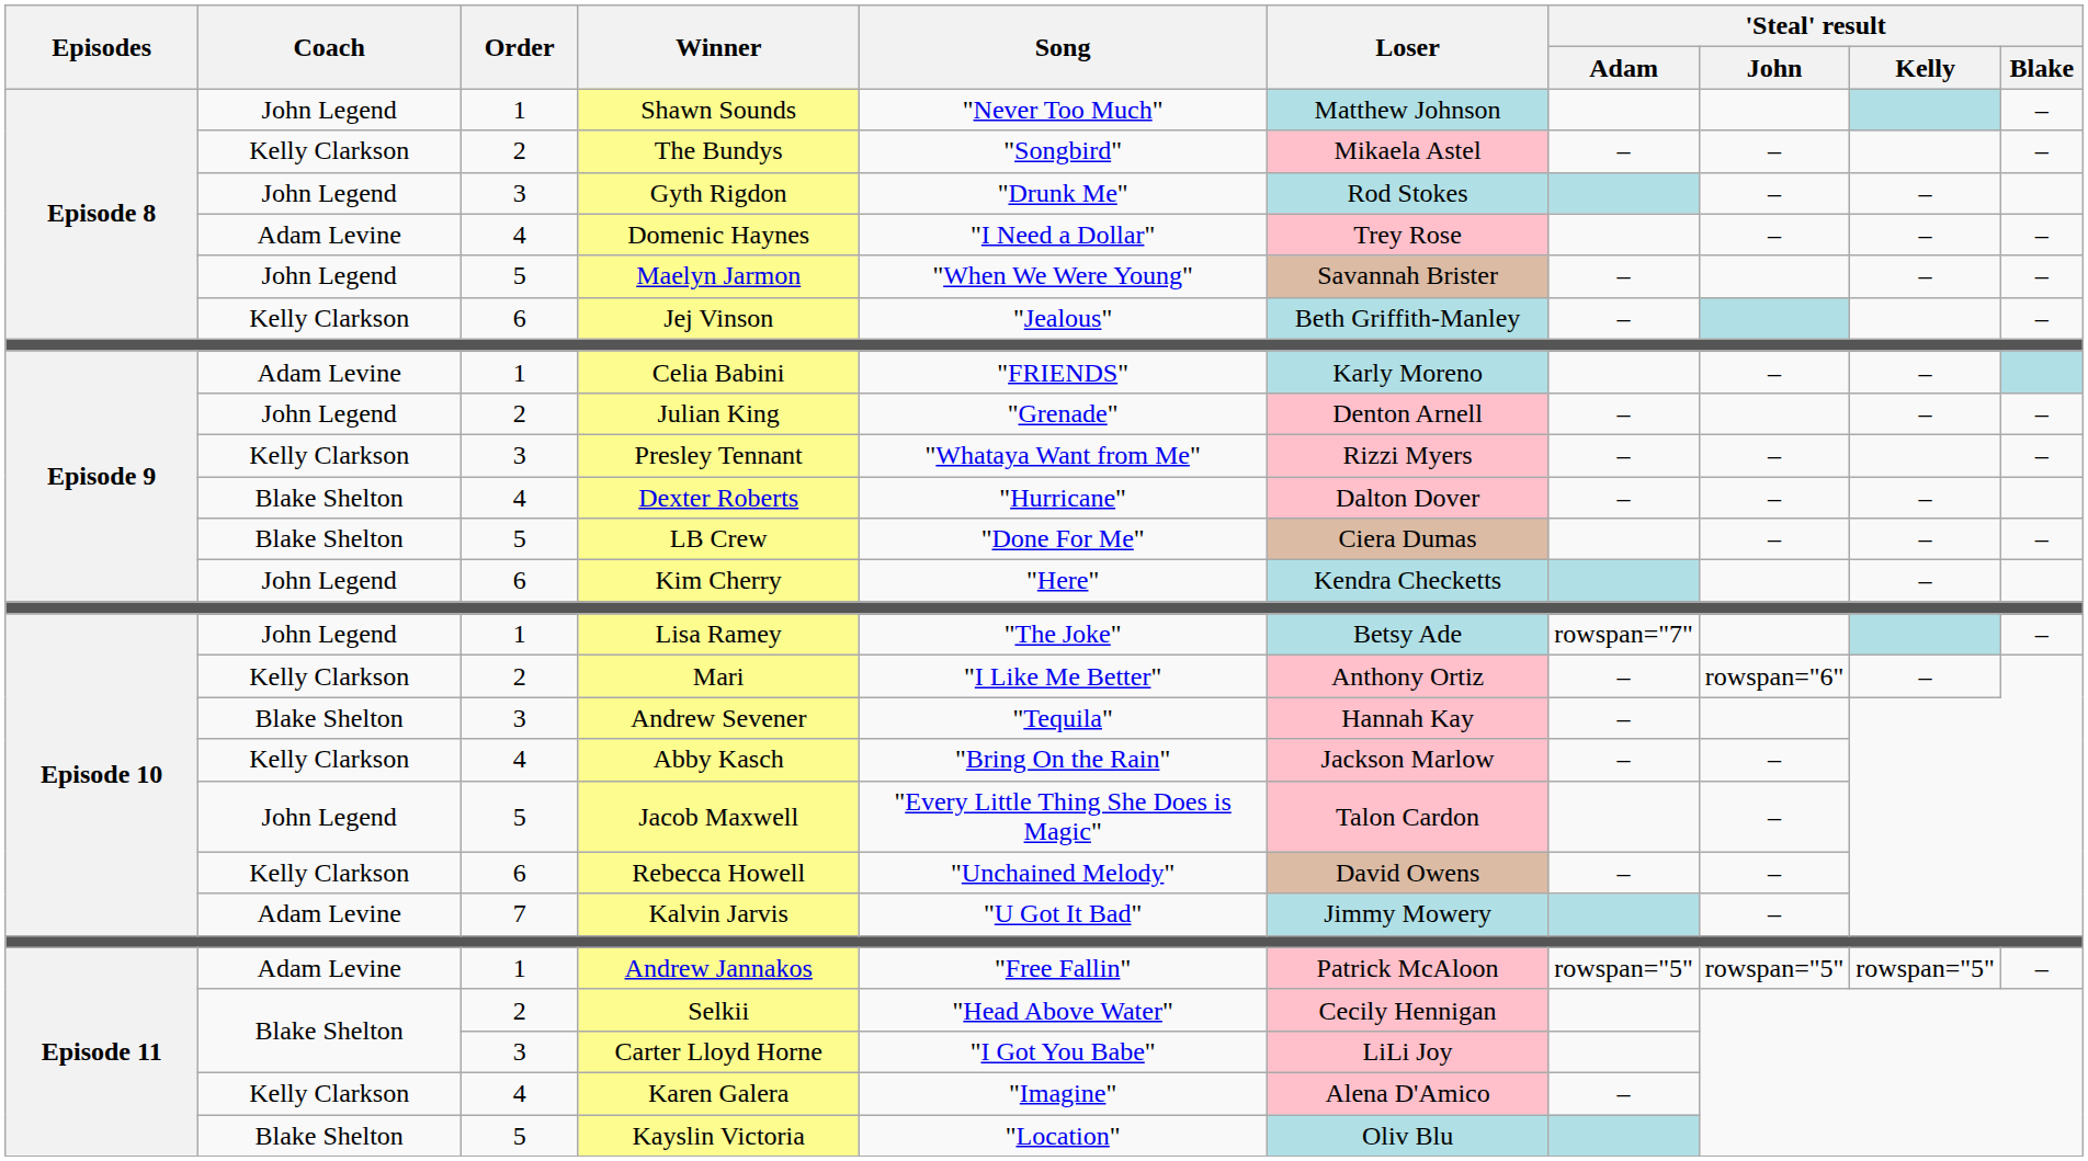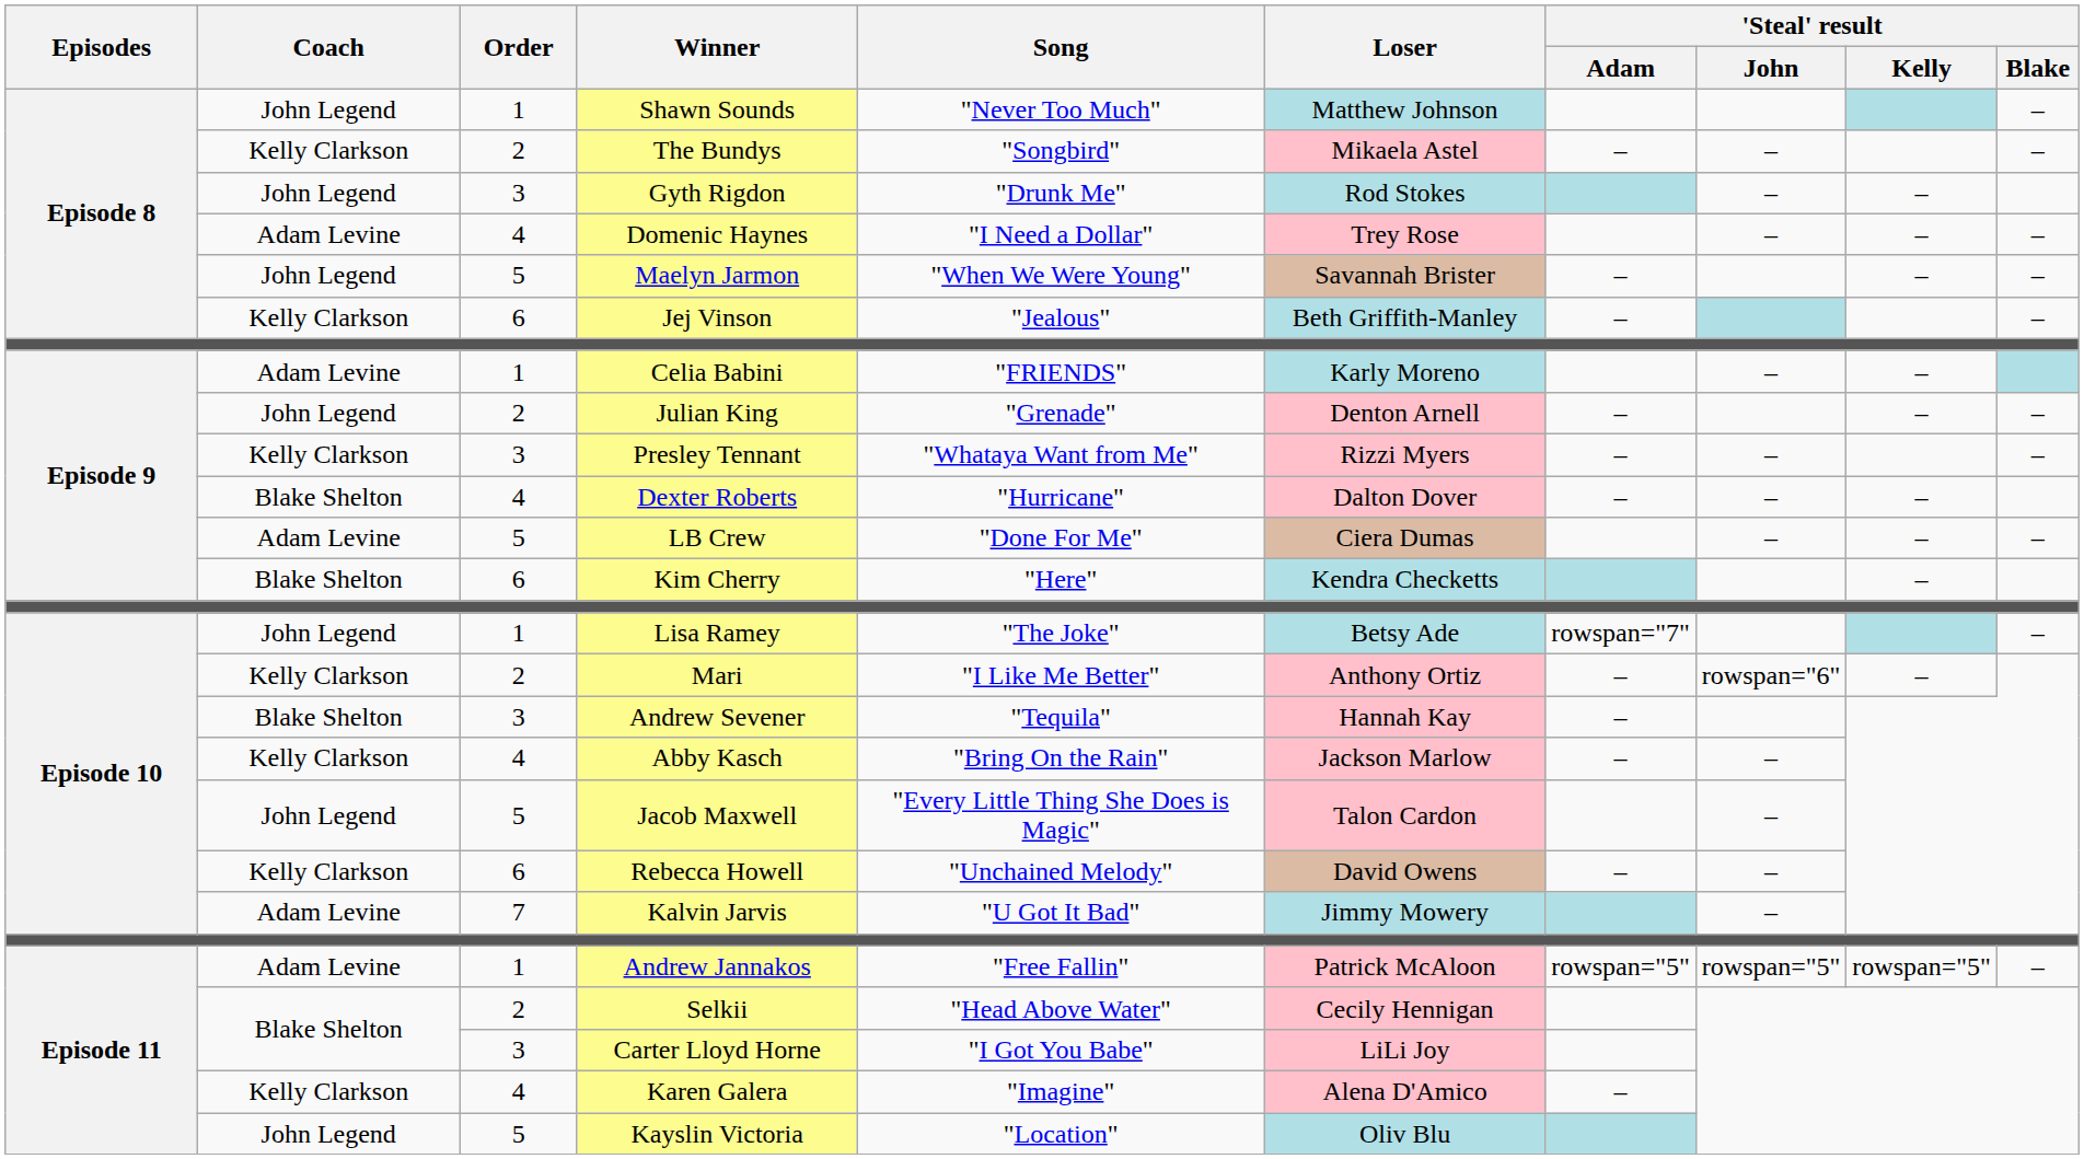 <table class="wikitable" style="text-align: center; width:100%;">
 <tr>
 <th rowspan="2" style="width:10%;">Episodes</th>
 <th rowspan="2" style="width:14%;">Coach</th>
 <th rowspan="2" style="width:06%;">Order</th>
 <th rowspan="2" style="width:15%;">Winner</th>
 <th rowspan="2" style="width:22%;">Song</th>
 <th rowspan="2" style="width:15%;">Loser</th>
 <th colspan="4" style="width:16%;">'Steal' result</th>
 </tr>
 <tr>
 <th style="width:04%;">Adam</th>
 <th style="width:04%;">John</th>
 <th style="width:04%;">Kelly</th>
 <th style="width:04%;">Blake</th>
 </tr>
 <tr>
 <th rowspan="6">Episode 8<br><small></small></th>
 <td>John Legend</td>
 <td>1</td>
 <td style="background:#FDFC8F;">Shawn Sounds</td>
 <td>"<a href='#'>Never Too Much</a>"</td>
 <td style="background:#b0e0e6;">Matthew Johnson</td>
 <td><em></em></td>
 <td></td>
 <td bgcolor=#b0e0e6><em></em></td>
 <td>–</td>
 </tr>
 <tr>
 <td>Kelly Clarkson</td>
 <td>2</td>
 <td style="background:#FDFC8F;">The Bundys</td>
 <td>"<a href='#'>Songbird</a>"</td>
 <td style="background:pink;">Mikaela Astel</td>
 <td>–</td>
 <td>–</td>
 <td></td>
 <td>–</td>
 </tr>
 <tr>
 <td>John Legend</td>
 <td>3</td>
 <td style="background:#FDFC8F;">Gyth Rigdon</td>
 <td>"<a href='#'>Drunk Me</a>"</td>
 <td style="background:#b0e0e6;">Rod Stokes</td>
 <td bgcolor=#b0e0e6><em></em></td>
 <td>–</td>
 <td>–</td>
 <td></td>
 </tr>
 <tr>
 <td>Adam Levine</td>
 <td>4</td>
 <td style="background:#FDFC8F;">Domenic Haynes</td>
 <td>"<a href='#'>I Need a Dollar</a>"</td>
 <td style="background:pink;">Trey Rose</td>
 <td></td>
 <td>–</td>
 <td>–</td>
 <td>–</td>
 </tr>
 <tr>
 <td>John Legend</td>
 <td>5</td>
 <td style="background:#FDFC8F;"><a href='#'>Maelyn Jarmon</a></td>
 <td>"<a href='#'>When We Were Young</a>"</td>
 <td style="background:#dbbba4;">Savannah Brister</td>
 <td>–</td>
 <td></td>
 <td>–</td>
 <td>–</td>
 </tr>
 <tr>
 <td>Kelly Clarkson</td>
 <td>6</td>
 <td style="background:#FDFC8F;">Jej Vinson</td>
 <td>"<a href='#'>Jealous</a>"</td>
 <td style="background:#b0e0e6;">Beth Griffith-Manley</td>
 <td>–</td>
 <td bgcolor=#b0e0e6><em></em></td>
 <td></td>
 <td>–</td>
 </tr>
 <tr>
 <td colspan="11" style="background:#555;"></td>
 </tr>
 <tr>
 <th rowspan="6">Episode 9<br><small></small></th>
 <td>Adam Levine</td>
 <td>1</td>
 <td style="background:#FDFC8F;">Celia Babini</td>
 <td>"<a href='#'>FRIENDS</a>"</td>
 <td style="background:#b0e0e6;">Karly Moreno</td>
 <td></td>
 <td>–</td>
 <td>–</td>
 <td bgcolor=#b0e0e6><em></em></td>
 </tr>
 <tr>
 <td>John Legend</td>
 <td>2</td>
 <td style="background:#FDFC8F;">Julian King</td>
 <td>"<a href='#'>Grenade</a>"</td>
 <td style="background:pink;">Denton Arnell</td>
 <td>–</td>
 <td></td>
 <td>–</td>
 <td>–</td>
 </tr>
 <tr>
 <td>Kelly Clarkson</td>
 <td>3</td>
 <td style="background:#FDFC8F;">Presley Tennant</td>
 <td>"<a href='#'>Whataya Want from Me</a>"</td>
 <td style="background:pink;">Rizzi Myers</td>
 <td>–</td>
 <td>–</td>
 <td></td>
 <td>–</td>
 </tr>
 <tr>
 <td>Blake Shelton</td>
 <td>4</td>
 <td style="background:#FDFC8F;"><a href='#'>Dexter Roberts</a></td>
 <td>"<a href='#'>Hurricane</a>"</td>
 <td style="background:pink;">Dalton Dover</td>
 <td>–</td>
 <td>–</td>
 <td>–</td>
 <td></td>
 </tr>
 <tr>
-<td>Blake Shelton</td>
+<td>Adam Levine</td>
 <td>5</td>
 <td style="background:#FDFC8F;">LB Crew</td>
 <td>"<a href='#'>Done For Me</a>"</td>
 <td style="background:#dbbba4;">Ciera Dumas</td>
 <td></td>
 <td>–</td>
 <td>–</td>
 <td>–</td>
 </tr>
 <tr>
-<td>John Legend</td>
+<td>Blake Shelton</td>
 <td>6</td>
 <td style="background:#FDFC8F;">Kim Cherry</td>
 <td>"<a href='#'>Here</a>"</td>
 <td style="background:#b0e0e6;">Kendra Checketts</td>
 <td bgcolor=#b0e0e6><em></em></td>
 <td><em></em></td>
 <td>–</td>
 <td></td>
 </tr>
 <tr>
 <td colspan="11" style="background:#555;"></td>
 </tr>
 <tr>
 <th rowspan="7">Episode 10<br><small></small></th>
 <td>John Legend</td>
 <td>1</td>
 <td style="background:#FDFC8F;">Lisa Ramey</td>
 <td>"<a href='#'>The Joke</a>"</td>
 <td style="background:#b0e0e6;">Betsy Ade</td>
 <td>rowspan="7" </td>
 <td></td>
 <td bgcolor=#b0e0e6><em></em></td>
 <td>–</td>
 </tr>
 <tr>
 <td>Kelly Clarkson</td>
 <td>2</td>
 <td style="background:#FDFC8F;">Mari</td>
 <td>"<a href='#'>I Like Me Better</a>"</td>
 <td style="background:pink;">Anthony Ortiz</td>
 <td>–</td>
 <td>rowspan="6" </td>
 <td>–</td>
 </tr>
 <tr>
 <td>Blake Shelton</td>
 <td>3</td>
 <td style="background:#FDFC8F;">Andrew Sevener</td>
 <td>"<a href='#'>Tequila</a>"</td>
 <td style="background:pink;">Hannah Kay</td>
 <td>–</td>
 <td></td>
 </tr>
 <tr>
 <td>Kelly Clarkson</td>
 <td>4</td>
 <td style="background:#FDFC8F;">Abby Kasch</td>
 <td>"<a href='#'>Bring On the Rain</a>"</td>
 <td style="background:pink;">Jackson Marlow</td>
 <td>–</td>
 <td>–</td>
 </tr>
 <tr>
 <td>John Legend</td>
 <td>5</td>
 <td style="background:#FDFC8F;">Jacob Maxwell</td>
 <td>"<a href='#'>Every Little Thing She Does is Magic</a>"</td>
 <td style="background:pink;">Talon Cardon</td>
 <td></td>
 <td>–</td>
 </tr>
 <tr>
 <td>Kelly Clarkson</td>
 <td>6</td>
 <td style="background:#FDFC8F;">Rebecca Howell</td>
 <td>"<a href='#'>Unchained Melody</a>"</td>
 <td style="background:#dbbba4;">David Owens</td>
 <td>–</td>
 <td>–</td>
 </tr>
 <tr>
 <td>Adam Levine</td>
 <td>7</td>
 <td style="background:#FDFC8F;">Kalvin Jarvis</td>
 <td>"<a href='#'>U Got It Bad</a>"</td>
 <td style="background:#b0e0e6;">Jimmy Mowery</td>
 <td bgcolor=#b0e0e6><em></em></td>
 <td>–</td>
 </tr>
 <tr>
 <td colspan="11" style="background:#555;"></td>
 </tr>
 <tr>
 <th rowspan="5">Episode 11<br><small></small></th>
 <td>Adam Levine</td>
 <td>1</td>
 <td style="background:#FDFC8F;"><a href='#'>Andrew Jannakos</a></td>
 <td>"<a href='#'>Free Fallin</a>"</td>
 <td style="background:pink;">Patrick McAloon</td>
 <td>rowspan="5" </td>
 <td>rowspan="5" </td>
 <td>rowspan="5" </td>
 <td>–</td>
 </tr>
 <tr>
 <td rowspan="2">Blake Shelton</td>
 <td>2</td>
 <td style="background:#FDFC8F;">Selkii</td>
 <td>"<a href='#'>Head Above Water</a>"</td>
 <td style="background:pink;">Cecily Hennigan</td>
 <td></td>
 </tr>
 <tr>
 <td>3</td>
 <td style="background:#FDFC8F;">Carter Lloyd Horne</td>
 <td>"<a href='#'>I Got You Babe</a>"</td>
 <td style="background:pink;">LiLi Joy</td>
 <td></td>
 </tr>
 <tr>
 <td>Kelly Clarkson</td>
 <td>4</td>
 <td style="background:#FDFC8F;">Karen Galera</td>
 <td>"<a href='#'>Imagine</a>"</td>
 <td style="background:pink;">Alena D'Amico</td>
 <td>–</td>
 </tr>
 <tr>
-<td>Blake Shelton</td>
+<td>John Legend</td>
 <td>5</td>
 <td style="background:#FDFC8F;">Kayslin Victoria</td>
 <td>"<a href='#'>Location</a>"</td>
 <td style="background:#b0e0e6;">Oliv Blu</td>
 <td bgcolor=#b0e0e6><em></em></td>
 </tr>
 <tr>
 </tr>
 </table>
